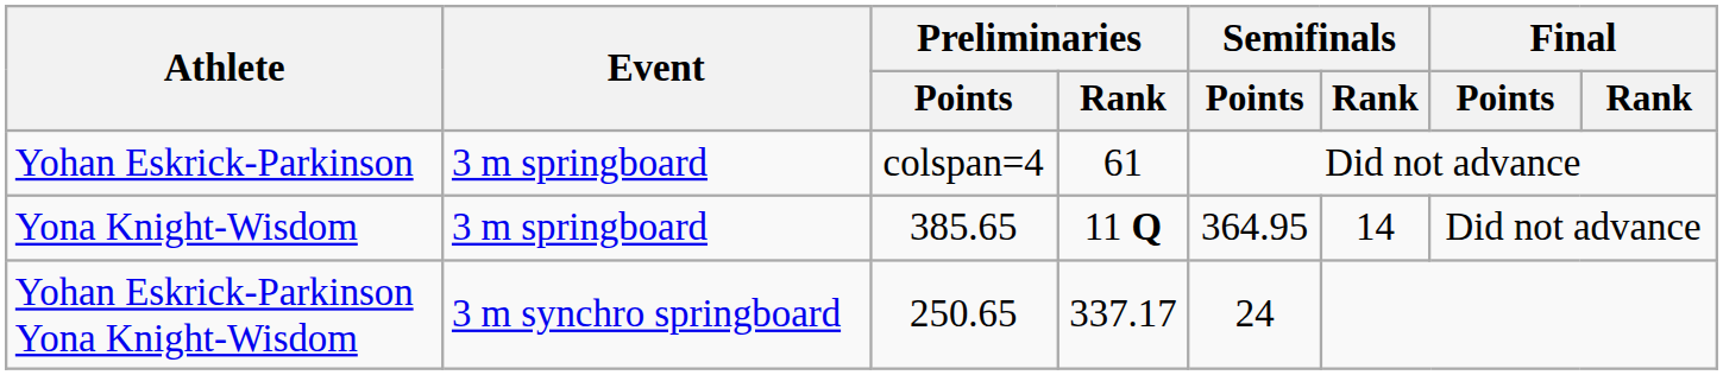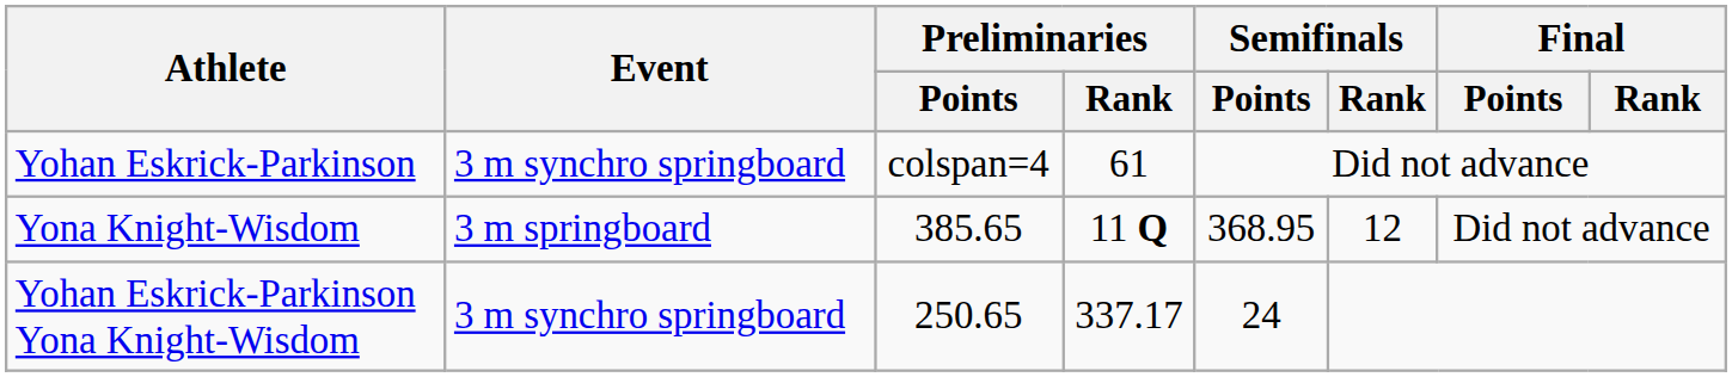 <table class="wikitable" style="text-align:center; font-size:90%; width:50%;">
 <tr>
 <th rowspan=2>Athlete</th>
 <th rowspan=2>Event</th>
 <th colspan=2>Preliminaries</th>
 <th colspan=2>Semifinals</th>
 <th colspan=2>Final</th>
 </tr>
 <tr style="font-size:95%">
 <th>Points</th>
 <th>Rank</th>
 <th>Points</th>
 <th>Rank</th>
 <th>Points</th>
 <th>Rank</th>
 </tr>
 <tr>
 <td align=left><a href='#'>Yohan Eskrick-Parkinson</a></td>
-<td align=left><a href='#'>3 m springboard</a></td>
+<td align=left><a href='#'>3 m synchro springboard</a></td>
 <td>colspan=4 </td>
 <td>61</td>
 <td colspan=4>Did not advance</td>
 </tr>
 <tr>
 <td align=left><a href='#'>Yona Knight-Wisdom</a></td>
 <td align=left><a href='#'>3 m springboard</a></td>
 <td>385.65</td>
 <td>11 <strong>Q</strong></td>
-<td>364.95</td>
-<td>14</td>
+<td>368.95</td>
+<td>12</td>
 <td colspan=2>Did not advance</td>
 </tr>
 <tr>
 <td align=left><a href='#'>Yohan Eskrick-Parkinson</a><br><a href='#'>Yona Knight-Wisdom</a></td>
 <td align=left><a href='#'>3 m synchro springboard</a></td>
 <td>250.65</td>
 <td>337.17</td>
 <td>24</td>
 </tr>
 </table>
